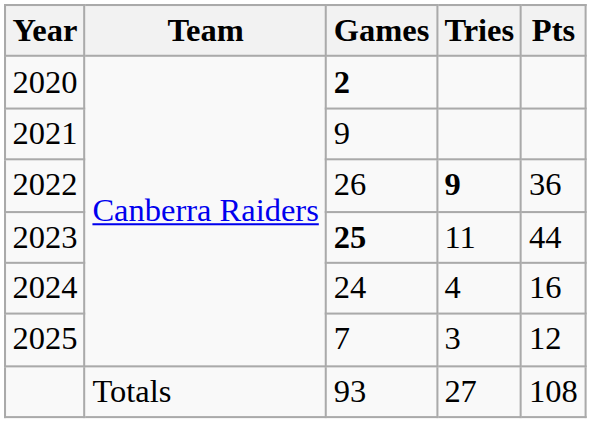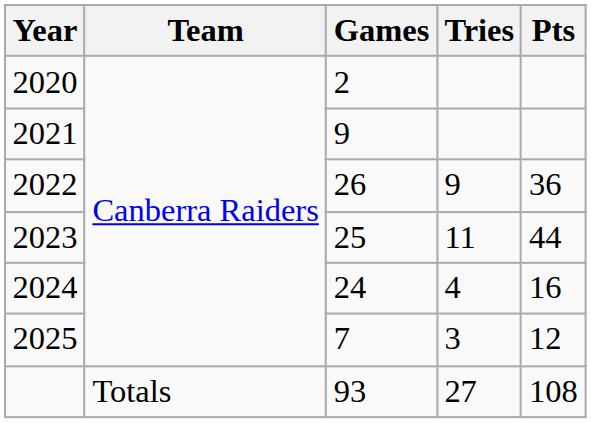 <table class="wikitable">
 <tr>
 <th>Year</th>
 <th>Team</th>
 <th>Games</th>
 <th>Tries</th>
 <th>Pts</th>
 </tr>
 <tr>
 <td>2020</td>
 <td rowspan="6"> <a href='#'>Canberra Raiders</a></td>
-<td><strong>2</strong></td>
+<td>2</td>
 <td></td>
 <td></td>
 </tr>
 <tr>
 <td>2021</td>
 <td>9</td>
 <td></td>
 <td></td>
 </tr>
 <tr>
 <td>2022</td>
 <td>26</td>
-<td><strong>9</strong></td>
+<td>9</td>
 <td>36</td>
 </tr>
 <tr>
 <td>2023</td>
-<td><strong>25</strong></td>
+<td>25</td>
 <td>11</td>
 <td>44</td>
 </tr>
 <tr>
 <td>2024</td>
 <td>24</td>
 <td>4</td>
 <td>16</td>
 </tr>
 <tr>
 <td>2025</td>
 <td>7</td>
 <td>3</td>
 <td>12</td>
 </tr>
 <tr>
 <td></td>
 <td>Totals</td>
 <td>93</td>
 <td>27</td>
 <td>108</td>
 </tr>
 </table>
